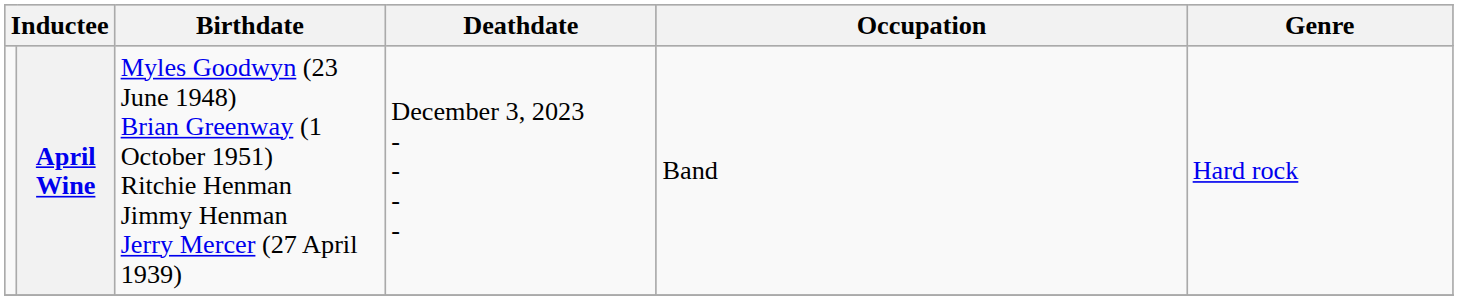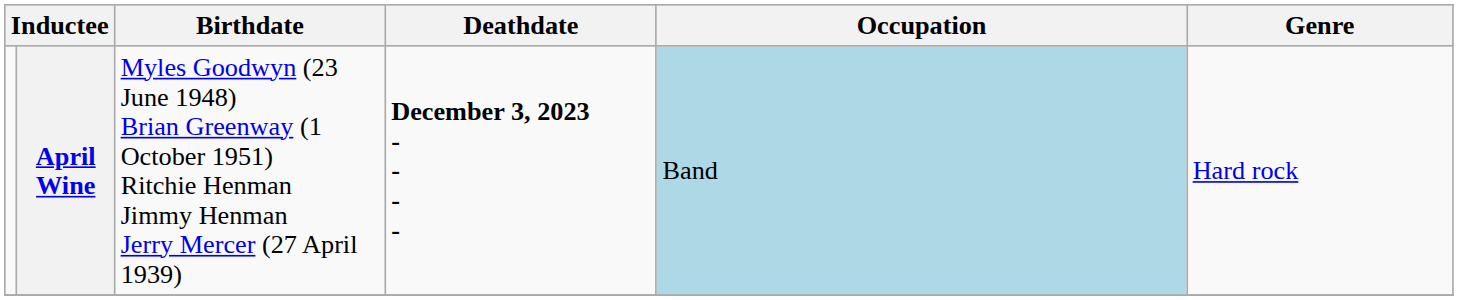 <table class="wikitable" width="100%">
 <tr>
 <th colspan=2>Inductee</th>
 <th width="20%">Birthdate</th>
 <th width="20%">Deathdate</th>
 <th width="40%">Occupation</th>
 <th width="40%">Genre</th>
 </tr>
 <tr>
 <td></td>
 <th><a href='#'>April Wine</a></th>
 <td><a href='#'>Myles Goodwyn</a> (23 June 1948) <br> <a href='#'>Brian Greenway</a> (1 October 1951) <br> Ritchie Henman <br> Jimmy Henman <br> <a href='#'>Jerry Mercer</a> (27 April 1939)</td>
-<td>December 3, 2023 <br> - <br> - <br> - <br> -</td>
-<td>Band</td>
+<td><strong>December 3, 2023 <br> - <br> - <br> - <br> -</strong></td>
+<td style="background: lightblue;">Band</td>
 <td><a href='#'>Hard rock</a></td>
 </tr>
 <tr>
 </tr>
 </table>
